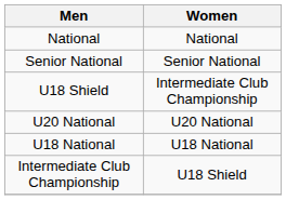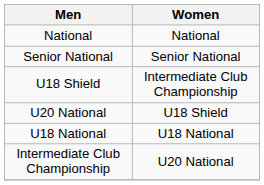 <table class="wikitable" style="text-align: center;" width="50%;">
 <tr>
 <th colspan=1>Men</th>
 <th colspan=1>Women</th>
 </tr>
 <tr>
 <td>National</td>
 <td>National</td>
 </tr>
 <tr>
 <td>Senior National</td>
 <td>Senior National</td>
 </tr>
 <tr>
 <td>U18 Shield</td>
 <td>Intermediate Club Championship</td>
 </tr>
 <tr>
 <td>U20 National</td>
-<td>U20 National</td>
+<td>U18 Shield</td>
 </tr>
 <tr>
 <td>U18 National</td>
 <td>U18 National</td>
 </tr>
 <tr>
 <td>Intermediate Club Championship</td>
-<td>U18 Shield</td>
+<td>U20 National</td>
 </tr>
 <tr>
 </tr>
 </table>
